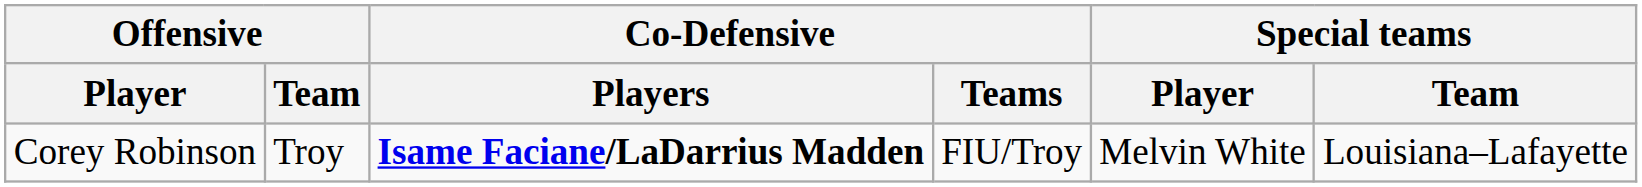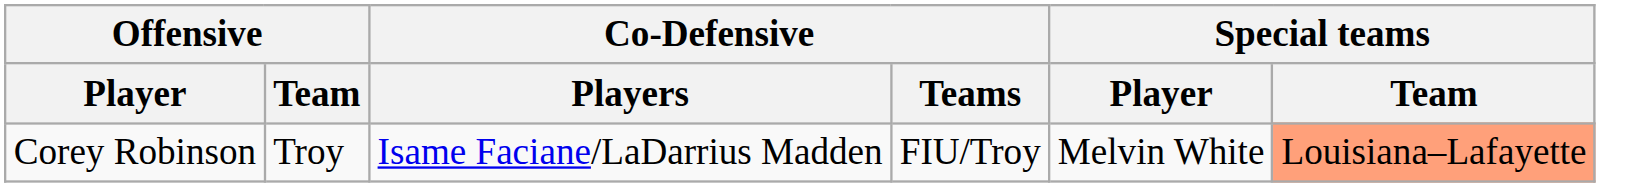 <table class="wikitable">
 <tr>
 <th colspan="2">Offensive</th>
 <th colspan="2">Co-Defensive</th>
 <th colspan="2">Special teams</th>
 </tr>
 <tr>
 <th>Player</th>
 <th>Team</th>
 <th>Players</th>
 <th>Teams</th>
 <th>Player</th>
 <th>Team</th>
 </tr>
 <tr>
 <td>Corey Robinson</td>
 <td>Troy</td>
-<td><strong><a href='#'>Isame Faciane</a>/LaDarrius Madden</strong></td>
+<td><a href='#'>Isame Faciane</a>/LaDarrius Madden</td>
 <td>FIU/Troy</td>
 <td>Melvin White</td>
-<td>Louisiana–Lafayette</td>
+<td style="background: lightsalmon;">Louisiana–Lafayette</td>
 </tr>
 </table>
